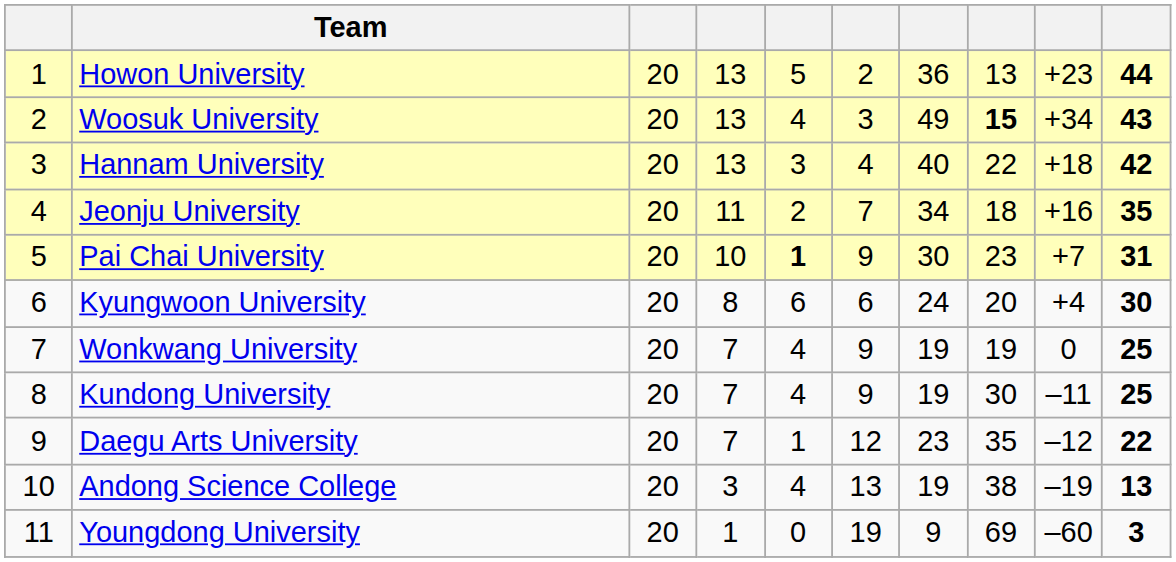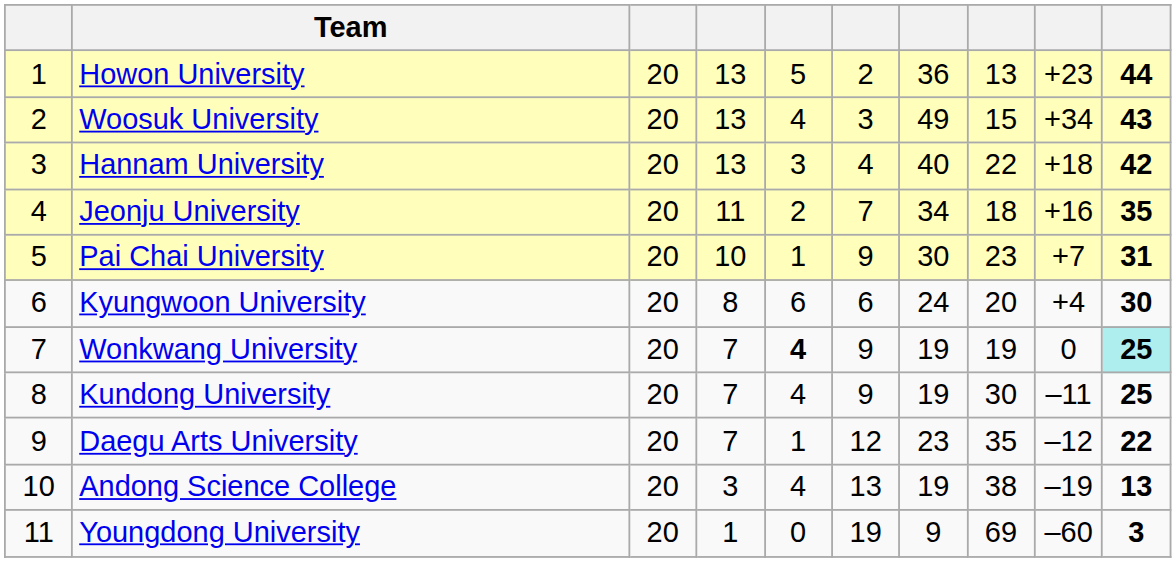 <table class="wikitable" style="text-align:center;">
 <tr>
 <th width=30></th>
 <th width=300>Team</th>
 <th width=30></th>
 <th width=30></th>
 <th width=30></th>
 <th width=30></th>
 <th width=30></th>
 <th width=30></th>
 <th width=30></th>
 <th width=30></th>
 </tr>
 <tr bgcolor=#ffffbb>
 <td>1</td>
 <td align=left><a href='#'>Howon University</a></td>
 <td>20</td>
 <td>13</td>
 <td>5</td>
 <td>2</td>
 <td>36</td>
 <td>13</td>
 <td>+23</td>
 <td><strong>44</strong></td>
 </tr>
 <tr bgcolor=#ffffbb>
 <td>2</td>
 <td align=left><a href='#'>Woosuk University</a></td>
 <td>20</td>
 <td>13</td>
 <td>4</td>
 <td>3</td>
 <td>49</td>
-<td><strong>15</strong></td>
+<td>15</td>
 <td>+34</td>
 <td><strong>43</strong></td>
 </tr>
 <tr bgcolor=#ffffbb>
 <td>3</td>
 <td align=left><a href='#'>Hannam University</a></td>
 <td>20</td>
 <td>13</td>
 <td>3</td>
 <td>4</td>
 <td>40</td>
 <td>22</td>
 <td>+18</td>
 <td><strong>42</strong></td>
 </tr>
 <tr bgcolor=#ffffbb>
 <td>4</td>
 <td align=left><a href='#'>Jeonju University</a></td>
 <td>20</td>
 <td>11</td>
 <td>2</td>
 <td>7</td>
 <td>34</td>
 <td>18</td>
 <td>+16</td>
 <td><strong>35</strong></td>
 </tr>
 <tr bgcolor=#ffffbb>
 <td>5</td>
 <td align=left><a href='#'>Pai Chai University</a></td>
 <td>20</td>
 <td>10</td>
-<td><strong>1</strong></td>
+<td>1</td>
 <td>9</td>
 <td>30</td>
 <td>23</td>
 <td>+7</td>
 <td><strong>31</strong></td>
 </tr>
 <tr>
 <td>6</td>
 <td align=left><a href='#'>Kyungwoon University</a></td>
 <td>20</td>
 <td>8</td>
 <td>6</td>
 <td>6</td>
 <td>24</td>
 <td>20</td>
 <td>+4</td>
 <td><strong>30</strong></td>
 </tr>
 <tr>
 <td>7</td>
 <td align=left><a href='#'>Wonkwang University</a></td>
 <td>20</td>
 <td>7</td>
-<td>4</td>
+<td><strong>4</strong></td>
 <td>9</td>
 <td>19</td>
 <td>19</td>
 <td>0</td>
-<td><strong>25</strong></td>
+<td style="background: paleturquoise;"><strong>25</strong></td>
 </tr>
 <tr>
 <td>8</td>
 <td align=left><a href='#'>Kundong University</a></td>
 <td>20</td>
 <td>7</td>
 <td>4</td>
 <td>9</td>
 <td>19</td>
 <td>30</td>
 <td>–11</td>
 <td><strong>25</strong></td>
 </tr>
 <tr>
 <td>9</td>
 <td align=left><a href='#'>Daegu Arts University</a></td>
 <td>20</td>
 <td>7</td>
 <td>1</td>
 <td>12</td>
 <td>23</td>
 <td>35</td>
 <td>–12</td>
 <td><strong>22</strong></td>
 </tr>
 <tr>
 <td>10</td>
 <td align=left><a href='#'>Andong Science College</a></td>
 <td>20</td>
 <td>3</td>
 <td>4</td>
 <td>13</td>
 <td>19</td>
 <td>38</td>
 <td>–19</td>
 <td><strong>13</strong></td>
 </tr>
 <tr>
 <td>11</td>
 <td align=left><a href='#'>Youngdong University</a></td>
 <td>20</td>
 <td>1</td>
 <td>0</td>
 <td>19</td>
 <td>9</td>
 <td>69</td>
 <td>–60</td>
 <td><strong>3</strong></td>
 </tr>
 </table>
